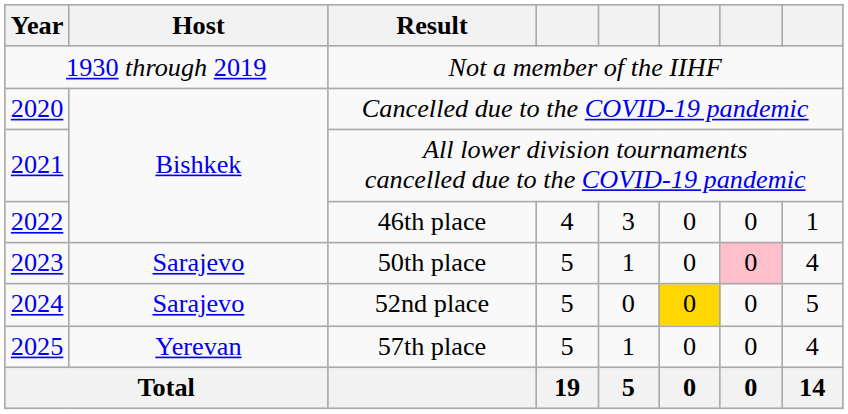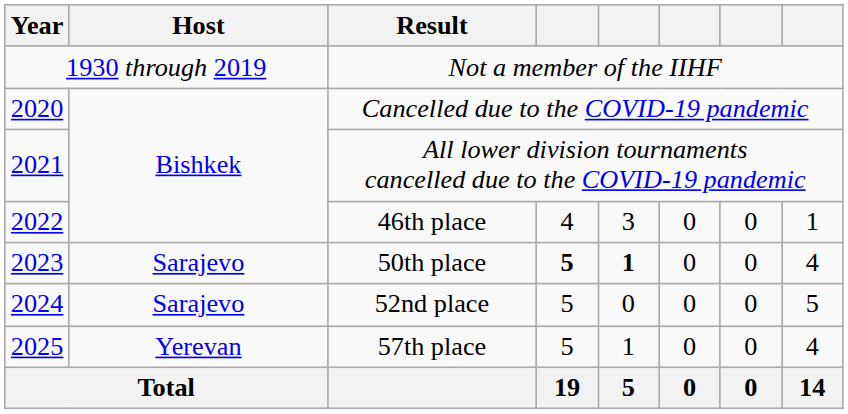 <table class="wikitable" style="text-align:center">
 <tr>
 <th width=30>Year</th>
 <th width=150>Host</th>
 <th width=120>Result</th>
 <th width=30></th>
 <th width=30></th>
 <th width=30></th>
 <th width=30></th>
 <th width=30></th>
 </tr>
 <tr>
 <td colspan=2><a href='#'>1930</a> <em>through</em> <a href='#'>2019</a></td>
 <td colspan=6><em>Not a member of the IIHF</em></td>
 </tr>
 <tr>
 <td><a href='#'>2020</a></td>
 <td rowspan=3> <a href='#'>Bishkek</a></td>
 <td colspan=6><em>Cancelled due to the <a href='#'>COVID-19 pandemic</a></em></td>
 </tr>
 <tr>
 <td><a href='#'>2021</a></td>
 <td colspan=6><em>All lower division tournaments<br>cancelled due to the <a href='#'>COVID-19 pandemic</a></em></td>
 </tr>
 <tr>
 <td><a href='#'>2022</a></td>
 <td>46th place<br></td>
 <td>4</td>
 <td>3</td>
 <td>0</td>
 <td>0</td>
 <td>1</td>
 </tr>
 <tr>
 <td><a href='#'>2023</a></td>
 <td> <a href='#'>Sarajevo</a></td>
 <td>50th place<br></td>
-<td>5</td>
-<td>1</td>
+<td><strong>5</strong></td>
+<td><strong>1</strong></td>
 <td>0</td>
-<td style="background: pink;">0</td>
+<td>0</td>
 <td>4</td>
 </tr>
 <tr>
 <td><a href='#'>2024</a></td>
 <td> <a href='#'>Sarajevo</a></td>
 <td>52nd place<br></td>
 <td>5</td>
 <td>0</td>
-<td style="background: gold;">0</td>
+<td>0</td>
 <td>0</td>
 <td>5</td>
 </tr>
 <tr>
 <td><a href='#'>2025</a></td>
 <td> <a href='#'>Yerevan</a></td>
 <td>57th place<br></td>
 <td>5</td>
 <td>1</td>
 <td>0</td>
 <td>0</td>
 <td>4</td>
 </tr>
 <tr>
 <th colspan=2>Total</th>
 <th></th>
 <th>19</th>
 <th>5</th>
 <th>0</th>
 <th>0</th>
 <th>14</th>
 </tr>
 </table>
